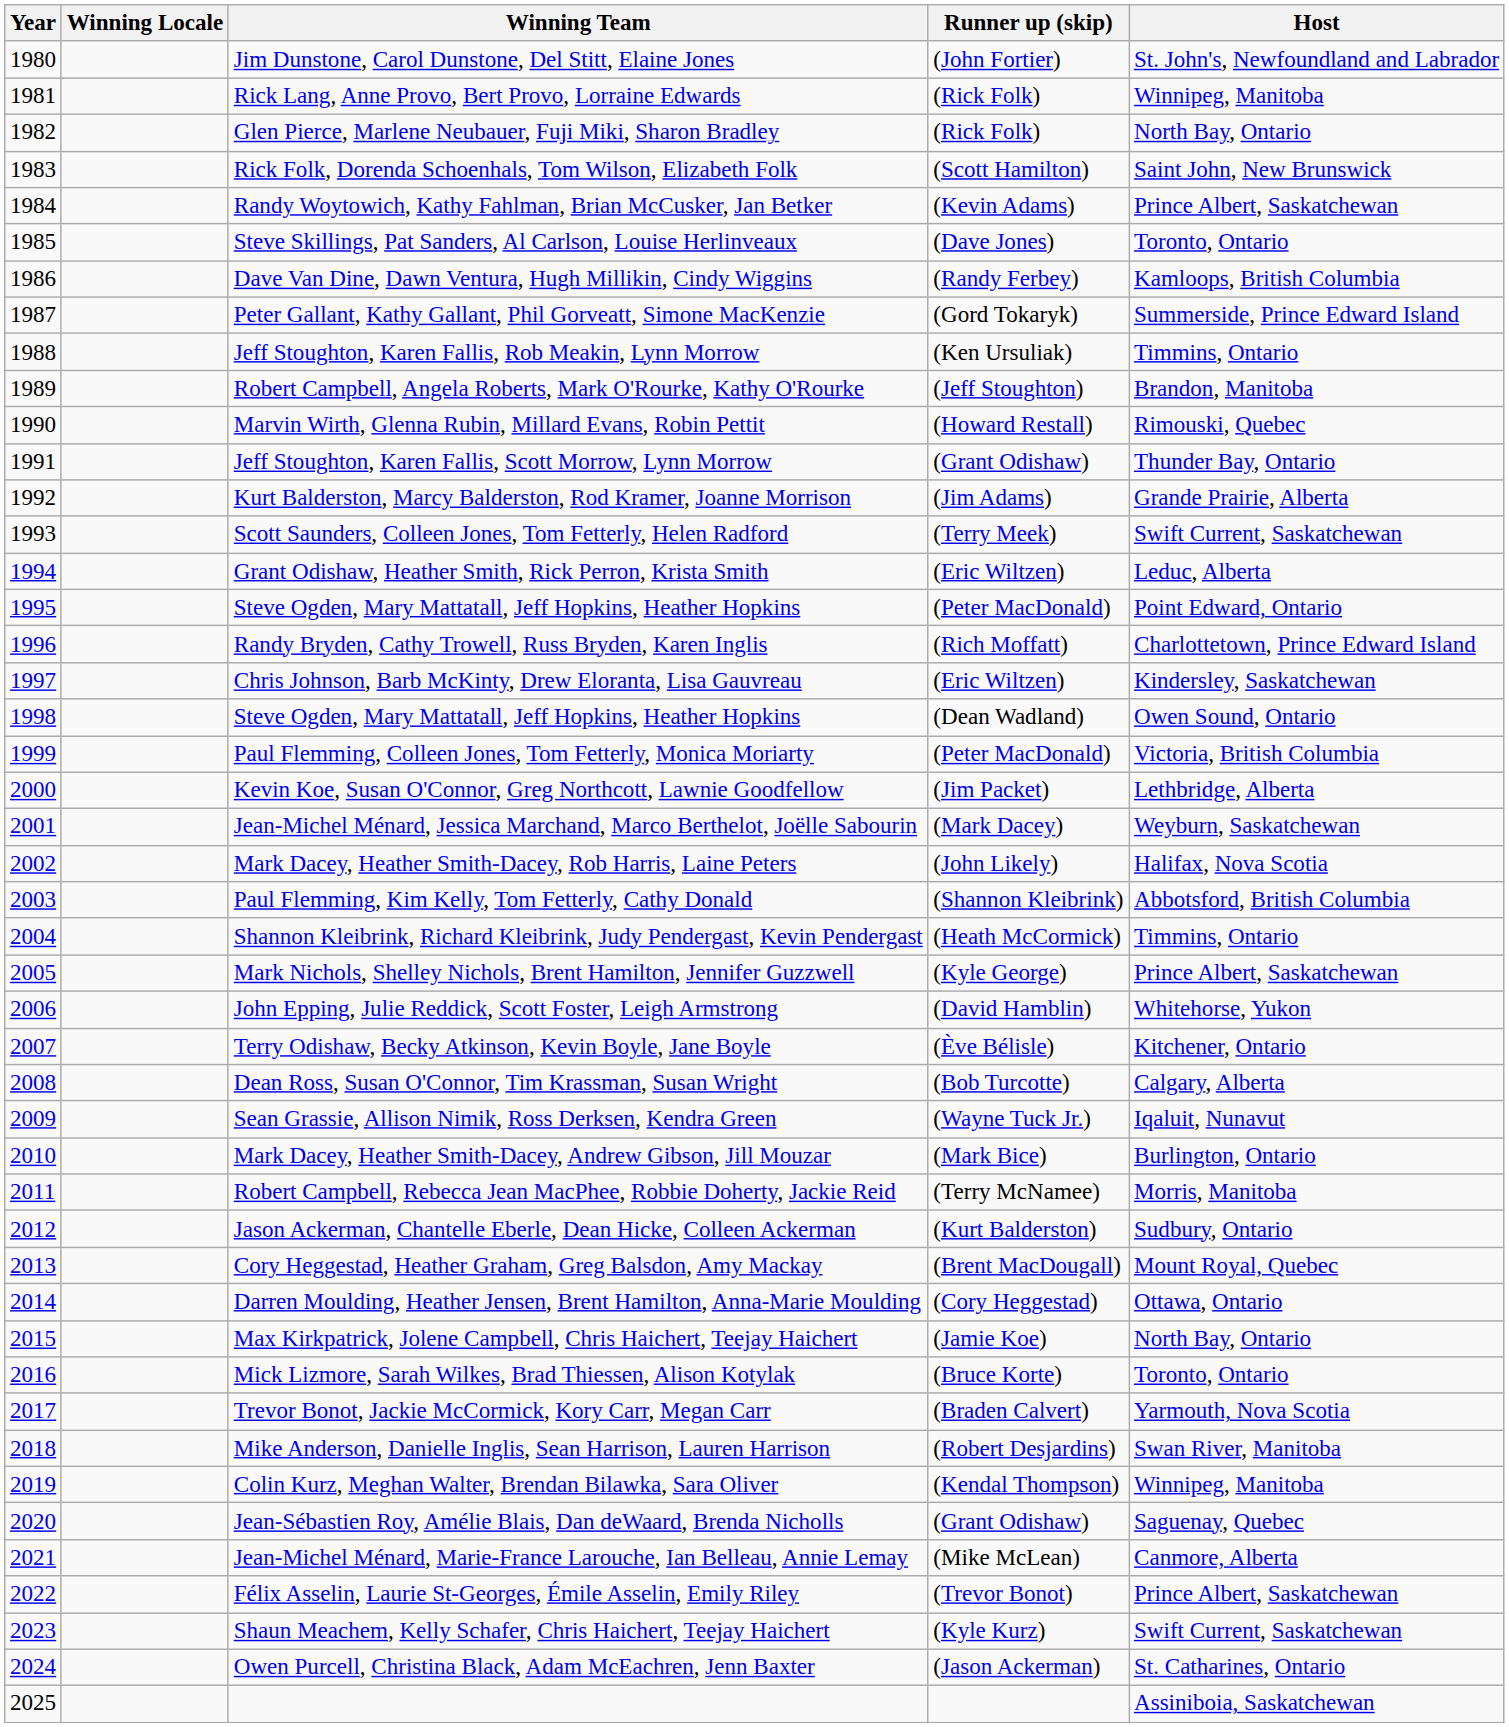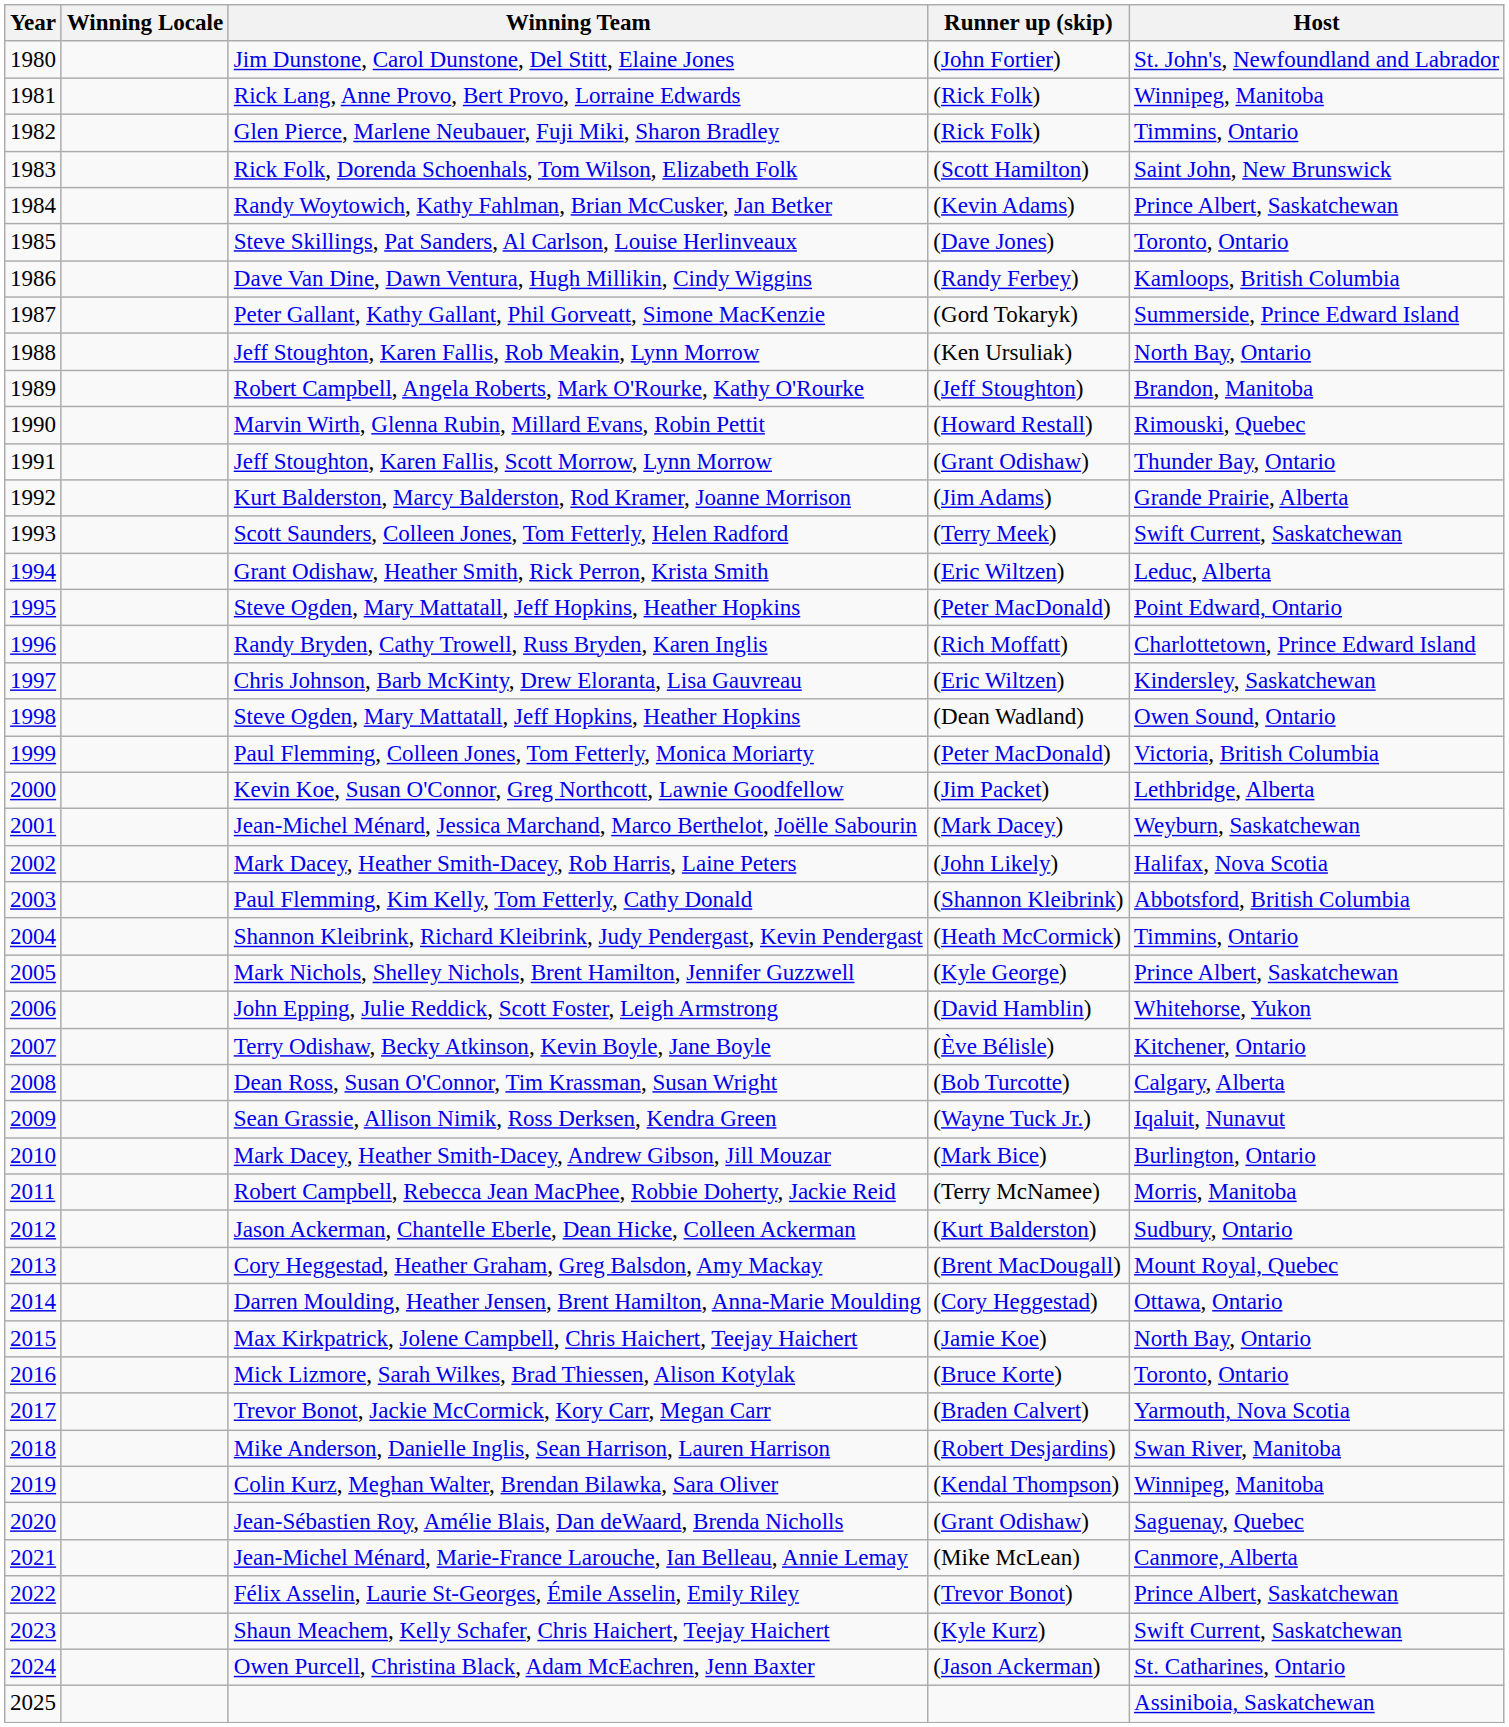 <table class="wikitable">
 <tr>
 <th scope="col">Year</th>
 <th scope="col">Winning Locale</th>
 <th scope="col">Winning Team</th>
 <th scope="col">Runner up (skip)</th>
 <th scope="col">Host</th>
 </tr>
 <tr>
 <td>1980</td>
 <td></td>
 <td><a href='#'>Jim Dunstone</a>, <a href='#'>Carol Dunstone</a>, <a href='#'>Del Stitt</a>, <a href='#'>Elaine Jones</a></td>
 <td> (<a href='#'>John Fortier</a>)</td>
 <td><a href='#'>St. John's</a>, <a href='#'>Newfoundland and Labrador</a></td>
 </tr>
 <tr>
 <td>1981</td>
 <td></td>
 <td><a href='#'>Rick Lang</a>, <a href='#'>Anne Provo</a>, <a href='#'>Bert Provo</a>, <a href='#'>Lorraine Edwards</a></td>
 <td> (<a href='#'>Rick Folk</a>)</td>
 <td><a href='#'>Winnipeg</a>, <a href='#'>Manitoba</a></td>
 </tr>
 <tr>
 <td>1982</td>
 <td></td>
 <td><a href='#'>Glen Pierce</a>, <a href='#'>Marlene Neubauer</a>, <a href='#'>Fuji Miki</a>, <a href='#'>Sharon Bradley</a></td>
 <td> (<a href='#'>Rick Folk</a>)</td>
-<td><a href='#'>North Bay</a>, <a href='#'>Ontario</a></td>
+<td><a href='#'>Timmins</a>, <a href='#'>Ontario</a></td>
 </tr>
 <tr>
 <td>1983</td>
 <td></td>
 <td><a href='#'>Rick Folk</a>, <a href='#'>Dorenda Schoenhals</a>, <a href='#'>Tom Wilson</a>, <a href='#'>Elizabeth Folk</a></td>
 <td> (<a href='#'>Scott Hamilton</a>)</td>
 <td><a href='#'>Saint John</a>, <a href='#'>New Brunswick</a></td>
 </tr>
 <tr>
 <td>1984</td>
 <td></td>
 <td><a href='#'>Randy Woytowich</a>, <a href='#'>Kathy Fahlman</a>, <a href='#'>Brian McCusker</a>, <a href='#'>Jan Betker</a></td>
 <td> (<a href='#'>Kevin Adams</a>)</td>
 <td><a href='#'>Prince Albert</a>, <a href='#'>Saskatchewan</a></td>
 </tr>
 <tr>
 <td>1985</td>
 <td></td>
 <td><a href='#'>Steve Skillings</a>, <a href='#'>Pat Sanders</a>, <a href='#'>Al Carlson</a>, <a href='#'>Louise Herlinveaux</a></td>
 <td> (<a href='#'>Dave Jones</a>)</td>
 <td><a href='#'>Toronto</a>, <a href='#'>Ontario</a></td>
 </tr>
 <tr>
 <td>1986</td>
 <td></td>
 <td><a href='#'>Dave Van Dine</a>, <a href='#'>Dawn Ventura</a>, <a href='#'>Hugh Millikin</a>, <a href='#'>Cindy Wiggins</a></td>
 <td> (<a href='#'>Randy Ferbey</a>)</td>
 <td><a href='#'>Kamloops</a>, <a href='#'>British Columbia</a></td>
 </tr>
 <tr>
 <td>1987</td>
 <td></td>
 <td><a href='#'>Peter Gallant</a>, <a href='#'>Kathy Gallant</a>, <a href='#'>Phil Gorveatt</a>, <a href='#'>Simone MacKenzie</a></td>
 <td> (Gord Tokaryk)</td>
 <td><a href='#'>Summerside</a>, <a href='#'>Prince Edward Island</a></td>
 </tr>
 <tr>
 <td>1988</td>
 <td></td>
 <td><a href='#'>Jeff Stoughton</a>, <a href='#'>Karen Fallis</a>, <a href='#'>Rob Meakin</a>, <a href='#'>Lynn Morrow</a></td>
 <td> (Ken Ursuliak)</td>
-<td><a href='#'>Timmins</a>, <a href='#'>Ontario</a></td>
+<td><a href='#'>North Bay</a>, <a href='#'>Ontario</a></td>
 </tr>
 <tr>
 <td>1989</td>
 <td></td>
 <td><a href='#'>Robert Campbell</a>, <a href='#'>Angela Roberts</a>, <a href='#'>Mark O'Rourke</a>, <a href='#'>Kathy O'Rourke</a></td>
 <td> (<a href='#'>Jeff Stoughton</a>)</td>
 <td><a href='#'>Brandon</a>, <a href='#'>Manitoba</a></td>
 </tr>
 <tr>
 <td>1990</td>
 <td></td>
 <td><a href='#'>Marvin Wirth</a>, <a href='#'>Glenna Rubin</a>, <a href='#'>Millard Evans</a>, <a href='#'>Robin Pettit</a></td>
 <td> (<a href='#'>Howard Restall</a>)</td>
 <td><a href='#'>Rimouski</a>, <a href='#'>Quebec</a></td>
 </tr>
 <tr>
 <td>1991</td>
 <td></td>
 <td><a href='#'>Jeff Stoughton</a>, <a href='#'>Karen Fallis</a>, <a href='#'>Scott Morrow</a>, <a href='#'>Lynn Morrow</a></td>
 <td> (<a href='#'>Grant Odishaw</a>)</td>
 <td><a href='#'>Thunder Bay</a>, <a href='#'>Ontario</a></td>
 </tr>
 <tr>
 <td>1992</td>
 <td></td>
 <td><a href='#'>Kurt Balderston</a>, <a href='#'>Marcy Balderston</a>, <a href='#'>Rod Kramer</a>, <a href='#'>Joanne Morrison</a></td>
 <td> (<a href='#'>Jim Adams</a>)</td>
 <td><a href='#'>Grande Prairie</a>, <a href='#'>Alberta</a></td>
 </tr>
 <tr>
 <td>1993</td>
 <td></td>
 <td><a href='#'>Scott Saunders</a>, <a href='#'>Colleen Jones</a>, <a href='#'>Tom Fetterly</a>, <a href='#'>Helen Radford</a></td>
 <td> (<a href='#'>Terry Meek</a>)</td>
 <td><a href='#'>Swift Current</a>, <a href='#'>Saskatchewan</a></td>
 </tr>
 <tr>
 <td><a href='#'>1994</a></td>
 <td></td>
 <td><a href='#'>Grant Odishaw</a>, <a href='#'>Heather Smith</a>, <a href='#'>Rick Perron</a>, <a href='#'>Krista Smith</a></td>
 <td> (<a href='#'>Eric Wiltzen</a>)</td>
 <td><a href='#'>Leduc</a>, <a href='#'>Alberta</a></td>
 </tr>
 <tr>
 <td><a href='#'>1995</a></td>
 <td></td>
 <td><a href='#'>Steve Ogden</a>, <a href='#'>Mary Mattatall</a>, <a href='#'>Jeff Hopkins</a>, <a href='#'>Heather Hopkins</a></td>
 <td> (<a href='#'>Peter MacDonald</a>)</td>
 <td><a href='#'>Point Edward, Ontario</a></td>
 </tr>
 <tr>
 <td><a href='#'>1996</a></td>
 <td></td>
 <td><a href='#'>Randy Bryden</a>, <a href='#'>Cathy Trowell</a>, <a href='#'>Russ Bryden</a>, <a href='#'>Karen Inglis</a></td>
 <td> (<a href='#'>Rich Moffatt</a>)</td>
 <td><a href='#'>Charlottetown</a>, <a href='#'>Prince Edward Island</a></td>
 </tr>
 <tr>
 <td><a href='#'>1997</a></td>
 <td></td>
 <td><a href='#'>Chris Johnson</a>, <a href='#'>Barb McKinty</a>, <a href='#'>Drew Eloranta</a>, <a href='#'>Lisa Gauvreau</a></td>
 <td> (<a href='#'>Eric Wiltzen</a>)</td>
 <td><a href='#'>Kindersley</a>, <a href='#'>Saskatchewan</a></td>
 </tr>
 <tr>
 <td><a href='#'>1998</a></td>
 <td></td>
 <td><a href='#'>Steve Ogden</a>, <a href='#'>Mary Mattatall</a>, <a href='#'>Jeff Hopkins</a>, <a href='#'>Heather Hopkins</a></td>
 <td> (Dean Wadland)</td>
 <td><a href='#'>Owen Sound</a>, <a href='#'>Ontario</a></td>
 </tr>
 <tr>
 <td><a href='#'>1999</a></td>
 <td></td>
 <td><a href='#'>Paul Flemming</a>, <a href='#'>Colleen Jones</a>, <a href='#'>Tom Fetterly</a>, <a href='#'>Monica Moriarty</a></td>
 <td> (<a href='#'>Peter MacDonald</a>)</td>
 <td><a href='#'>Victoria</a>, <a href='#'>British Columbia</a></td>
 </tr>
 <tr>
 <td><a href='#'>2000</a></td>
 <td></td>
 <td><a href='#'>Kevin Koe</a>, <a href='#'>Susan O'Connor</a>, <a href='#'>Greg Northcott</a>, <a href='#'>Lawnie Goodfellow</a></td>
 <td> (<a href='#'>Jim Packet</a>)</td>
 <td><a href='#'>Lethbridge</a>, <a href='#'>Alberta</a></td>
 </tr>
 <tr>
 <td><a href='#'>2001</a></td>
 <td></td>
 <td><a href='#'>Jean-Michel Ménard</a>, <a href='#'>Jessica Marchand</a>, <a href='#'>Marco Berthelot</a>, <a href='#'>Joëlle Sabourin</a></td>
 <td> (<a href='#'>Mark Dacey</a>)</td>
 <td><a href='#'>Weyburn</a>, <a href='#'>Saskatchewan</a></td>
 </tr>
 <tr>
 <td><a href='#'>2002</a></td>
 <td></td>
 <td><a href='#'>Mark Dacey</a>, <a href='#'>Heather Smith-Dacey</a>, <a href='#'>Rob Harris</a>, <a href='#'>Laine Peters</a></td>
 <td> (<a href='#'>John Likely</a>)</td>
 <td><a href='#'>Halifax</a>, <a href='#'>Nova Scotia</a></td>
 </tr>
 <tr>
 <td><a href='#'>2003</a></td>
 <td></td>
 <td><a href='#'>Paul Flemming</a>, <a href='#'>Kim Kelly</a>, <a href='#'>Tom Fetterly</a>, <a href='#'>Cathy Donald</a></td>
 <td> (<a href='#'>Shannon Kleibrink</a>)</td>
 <td><a href='#'>Abbotsford</a>, <a href='#'>British Columbia</a></td>
 </tr>
 <tr>
 <td><a href='#'>2004</a></td>
 <td></td>
 <td><a href='#'>Shannon Kleibrink</a>, <a href='#'>Richard Kleibrink</a>, <a href='#'>Judy Pendergast</a>, <a href='#'>Kevin Pendergast</a></td>
 <td> (<a href='#'>Heath McCormick</a>)</td>
 <td><a href='#'>Timmins</a>, <a href='#'>Ontario</a></td>
 </tr>
 <tr>
 <td><a href='#'>2005</a></td>
 <td></td>
 <td><a href='#'>Mark Nichols</a>, <a href='#'>Shelley Nichols</a>, <a href='#'>Brent Hamilton</a>, <a href='#'>Jennifer Guzzwell</a></td>
 <td> (<a href='#'>Kyle George</a>)</td>
 <td><a href='#'>Prince Albert</a>, <a href='#'>Saskatchewan</a></td>
 </tr>
 <tr>
 <td><a href='#'>2006</a></td>
 <td></td>
 <td><a href='#'>John Epping</a>, <a href='#'>Julie Reddick</a>, <a href='#'>Scott Foster</a>, <a href='#'>Leigh Armstrong</a></td>
 <td> (<a href='#'>David Hamblin</a>)</td>
 <td><a href='#'>Whitehorse</a>, <a href='#'>Yukon</a></td>
 </tr>
 <tr>
 <td><a href='#'>2007</a></td>
 <td></td>
 <td><a href='#'>Terry Odishaw</a>, <a href='#'>Becky Atkinson</a>, <a href='#'>Kevin Boyle</a>, <a href='#'>Jane Boyle</a></td>
 <td> (<a href='#'>Ève Bélisle</a>)</td>
 <td><a href='#'>Kitchener</a>, <a href='#'>Ontario</a></td>
 </tr>
 <tr>
 <td><a href='#'>2008</a></td>
 <td></td>
 <td><a href='#'>Dean Ross</a>, <a href='#'>Susan O'Connor</a>, <a href='#'>Tim Krassman</a>, <a href='#'>Susan Wright</a></td>
 <td> (<a href='#'>Bob Turcotte</a>)</td>
 <td><a href='#'>Calgary</a>, <a href='#'>Alberta</a></td>
 </tr>
 <tr>
 <td><a href='#'>2009</a></td>
 <td></td>
 <td><a href='#'>Sean Grassie</a>, <a href='#'>Allison Nimik</a>, <a href='#'>Ross Derksen</a>, <a href='#'>Kendra Green</a></td>
 <td> (<a href='#'>Wayne Tuck Jr.</a>)</td>
 <td><a href='#'>Iqaluit</a>, <a href='#'>Nunavut</a></td>
 </tr>
 <tr>
 <td><a href='#'>2010</a></td>
 <td></td>
 <td><a href='#'>Mark Dacey</a>, <a href='#'>Heather Smith-Dacey</a>, <a href='#'>Andrew Gibson</a>, <a href='#'>Jill Mouzar</a></td>
 <td> (<a href='#'>Mark Bice</a>)</td>
 <td><a href='#'>Burlington</a>, <a href='#'>Ontario</a></td>
 </tr>
 <tr>
 <td><a href='#'>2011</a></td>
 <td></td>
 <td><a href='#'>Robert Campbell</a>, <a href='#'>Rebecca Jean MacPhee</a>, <a href='#'>Robbie Doherty</a>, <a href='#'>Jackie Reid</a></td>
 <td> (Terry McNamee)</td>
 <td><a href='#'>Morris</a>, <a href='#'>Manitoba</a></td>
 </tr>
 <tr>
 <td><a href='#'>2012</a></td>
 <td></td>
 <td><a href='#'>Jason Ackerman</a>, <a href='#'>Chantelle Eberle</a>, <a href='#'>Dean Hicke</a>, <a href='#'>Colleen Ackerman</a></td>
 <td> (<a href='#'>Kurt Balderston</a>)</td>
 <td><a href='#'>Sudbury</a>, <a href='#'>Ontario</a></td>
 </tr>
 <tr>
 <td><a href='#'>2013</a></td>
 <td></td>
 <td><a href='#'>Cory Heggestad</a>, <a href='#'>Heather Graham</a>, <a href='#'>Greg Balsdon</a>, <a href='#'>Amy Mackay</a></td>
 <td> (<a href='#'>Brent MacDougall</a>)</td>
 <td><a href='#'>Mount Royal, Quebec</a></td>
 </tr>
 <tr>
 <td><a href='#'>2014</a></td>
 <td></td>
 <td><a href='#'>Darren Moulding</a>, <a href='#'>Heather Jensen</a>, <a href='#'>Brent Hamilton</a>, <a href='#'>Anna-Marie Moulding</a></td>
 <td> (<a href='#'>Cory Heggestad</a>)</td>
 <td><a href='#'>Ottawa</a>, <a href='#'>Ontario</a></td>
 </tr>
 <tr>
 <td><a href='#'>2015</a></td>
 <td></td>
 <td><a href='#'>Max Kirkpatrick</a>, <a href='#'>Jolene Campbell</a>, <a href='#'>Chris Haichert</a>, <a href='#'>Teejay Haichert</a></td>
 <td> (<a href='#'>Jamie Koe</a>)</td>
 <td><a href='#'>North Bay</a>, <a href='#'>Ontario</a></td>
 </tr>
 <tr>
 <td><a href='#'>2016</a></td>
 <td></td>
 <td><a href='#'>Mick Lizmore</a>, <a href='#'>Sarah Wilkes</a>, <a href='#'>Brad Thiessen</a>, <a href='#'>Alison Kotylak</a></td>
 <td> (<a href='#'>Bruce Korte</a>)</td>
 <td><a href='#'>Toronto</a>, <a href='#'>Ontario</a></td>
 </tr>
 <tr>
 <td><a href='#'>2017</a></td>
 <td></td>
 <td><a href='#'>Trevor Bonot</a>, <a href='#'>Jackie McCormick</a>, <a href='#'>Kory Carr</a>, <a href='#'>Megan Carr</a></td>
 <td> (<a href='#'>Braden Calvert</a>)</td>
 <td><a href='#'>Yarmouth, Nova Scotia</a></td>
 </tr>
 <tr>
 <td><a href='#'>2018</a></td>
 <td></td>
 <td><a href='#'>Mike Anderson</a>, <a href='#'>Danielle Inglis</a>, <a href='#'>Sean Harrison</a>, <a href='#'>Lauren Harrison</a></td>
 <td> (<a href='#'>Robert Desjardins</a>)</td>
 <td><a href='#'>Swan River</a>, <a href='#'>Manitoba</a></td>
 </tr>
 <tr>
 <td><a href='#'>2019</a></td>
 <td></td>
 <td><a href='#'>Colin Kurz</a>, <a href='#'>Meghan Walter</a>, <a href='#'>Brendan Bilawka</a>, <a href='#'>Sara Oliver</a></td>
 <td> (<a href='#'>Kendal Thompson</a>)</td>
 <td><a href='#'>Winnipeg</a>, <a href='#'>Manitoba</a></td>
 </tr>
 <tr>
 <td><a href='#'>2020</a></td>
 <td></td>
 <td><a href='#'>Jean-Sébastien Roy</a>, <a href='#'>Amélie Blais</a>, <a href='#'>Dan deWaard</a>, <a href='#'>Brenda Nicholls</a></td>
 <td> (<a href='#'>Grant Odishaw</a>)</td>
 <td><a href='#'>Saguenay</a>, <a href='#'>Quebec</a></td>
 </tr>
 <tr>
 <td><a href='#'>2021</a></td>
 <td></td>
 <td><a href='#'>Jean-Michel Ménard</a>, <a href='#'>Marie-France Larouche</a>, <a href='#'>Ian Belleau</a>, <a href='#'>Annie Lemay</a></td>
 <td> (Mike McLean)</td>
 <td><a href='#'>Canmore, Alberta</a></td>
 </tr>
 <tr>
 <td><a href='#'>2022</a></td>
 <td></td>
 <td><a href='#'>Félix Asselin</a>, <a href='#'>Laurie St-Georges</a>, <a href='#'>Émile Asselin</a>, <a href='#'>Emily Riley</a></td>
 <td> (<a href='#'>Trevor Bonot</a>)</td>
 <td><a href='#'>Prince Albert</a>, <a href='#'>Saskatchewan</a></td>
 </tr>
 <tr>
 <td><a href='#'>2023</a></td>
 <td></td>
 <td><a href='#'>Shaun Meachem</a>, <a href='#'>Kelly Schafer</a>, <a href='#'>Chris Haichert</a>, <a href='#'>Teejay Haichert</a></td>
 <td> (<a href='#'>Kyle Kurz</a>)</td>
 <td><a href='#'>Swift Current</a>, <a href='#'>Saskatchewan</a></td>
 </tr>
 <tr>
 <td><a href='#'>2024</a></td>
 <td></td>
 <td><a href='#'>Owen Purcell</a>, <a href='#'>Christina Black</a>, <a href='#'>Adam McEachren</a>, <a href='#'>Jenn Baxter</a></td>
 <td> (<a href='#'>Jason Ackerman</a>)</td>
 <td><a href='#'>St. Catharines</a>, <a href='#'>Ontario</a></td>
 </tr>
 <tr>
 <td>2025</td>
 <td></td>
 <td></td>
 <td></td>
 <td><a href='#'>Assiniboia, Saskatchewan</a></td>
 </tr>
 </table>
